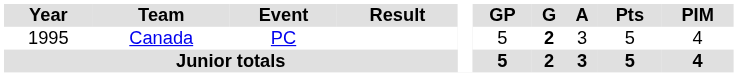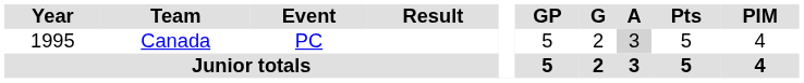 <table border="0" cellpadding="1" cellspacing="0" style="text-align:center; width:40em">
 <tr ALIGN="centre" bgcolor="#e0e0e0">
 <th>Year</th>
 <th>Team</th>
 <th>Event</th>
 <th>Result</th>
 <th rowspan="99" bgcolor="#ffffff"> </th>
 <th>GP</th>
 <th>G</th>
 <th>A</th>
 <th>Pts</th>
 <th>PIM</th>
 </tr>
 <tr>
 <td>1995</td>
 <td><a href='#'>Canada</a></td>
 <td><a href='#'>PC</a></td>
 <td></td>
 <td>5</td>
-<td><strong>2</strong></td>
-<td>3</td>
+<td>2</td>
+<td style="background: lightgrey;">3</td>
 <td>5</td>
 <td>4</td>
 </tr>
 <tr bgcolor="#e0e0e0">
 <th colspan=4>Junior totals</th>
 <th>5</th>
 <th>2</th>
 <th>3</th>
 <th>5</th>
 <th>4</th>
 </tr>
 </table>
